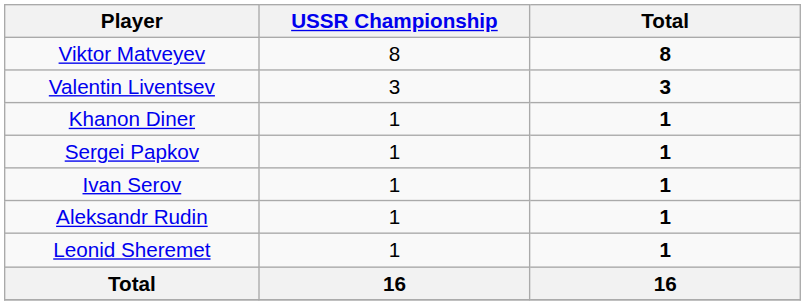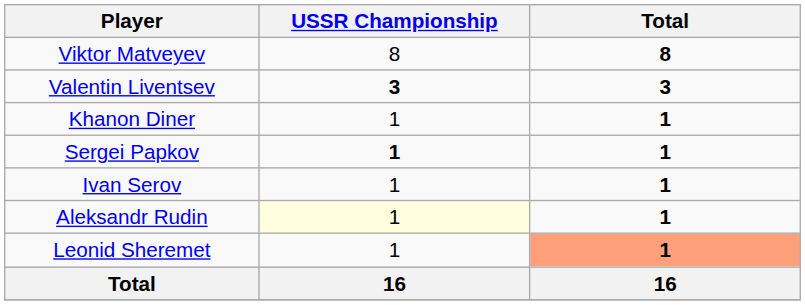 <table class="wikitable sortable" style="text-align:center; font-size:95%">
 <tr>
 <th width=180px>Player</th>
 <th width=192px><a href='#'>USSR Championship</a></th>
 <th width=192px>Total</th>
 </tr>
 <tr>
 <td><a href='#'>Viktor Matveyev</a></td>
 <td>8</td>
 <td><strong>8</strong></td>
 </tr>
 <tr>
 <td><a href='#'>Valentin Liventsev</a></td>
-<td>3</td>
+<td><strong>3</strong></td>
 <td><strong>3</strong></td>
 </tr>
 <tr>
 <td><a href='#'>Khanon Diner</a></td>
 <td>1</td>
 <td><strong>1</strong></td>
 </tr>
 <tr>
 <td><a href='#'>Sergei Papkov</a></td>
-<td>1</td>
+<td><strong>1</strong></td>
 <td><strong>1</strong></td>
 </tr>
 <tr>
 <td><a href='#'>Ivan Serov</a></td>
 <td>1</td>
 <td><strong>1</strong></td>
 </tr>
 <tr>
 <td><a href='#'>Aleksandr Rudin</a></td>
-<td>1</td>
+<td style="background: lightyellow;">1</td>
 <td><strong>1</strong></td>
 </tr>
 <tr>
 <td><a href='#'>Leonid Sheremet</a></td>
 <td>1</td>
-<td><strong>1</strong></td>
+<td style="background: lightsalmon;"><strong>1</strong></td>
 </tr>
 <tr class="sortbottom">
 <th>Total</th>
 <th>16</th>
 <th>16</th>
 </tr>
 <tr>
 </tr>
 </table>
